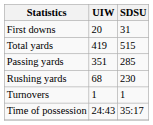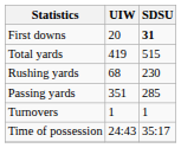 <table class="wikitable">
 <tr>
 <th>Statistics</th>
 <th>UIW</th>
 <th>SDSU</th>
 </tr>
 <tr>
 <td>First downs</td>
 <td>20</td>
-<td>31</td>
+<td><strong>31</strong></td>
 </tr>
 <tr>
 <td>Total yards</td>
 <td>419</td>
 <td>515</td>
 </tr>
 <tr>
+<td>Rushing yards</td>
+<td>68</td>
+<td>230</td>
+</tr>
+<tr>
 <td>Passing yards</td>
 <td>351</td>
 <td>285</td>
-</tr>
-<tr>
-<td>Rushing yards</td>
-<td>68</td>
-<td>230</td>
 </tr>
 <tr>
 <td>Turnovers</td>
 <td>1</td>
 <td>1</td>
 </tr>
 <tr>
 <td>Time of possession</td>
 <td>24:43</td>
 <td>35:17</td>
 </tr>
 <tr>
 </tr>
 </table>
